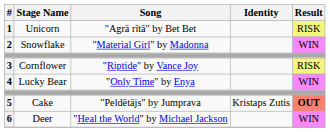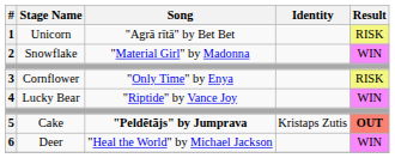 <table class="wikitable plainrowheaders" style="text-align: center;">
 <tr>
 <th>#</th>
 <th>Stage Name</th>
 <th>Song</th>
 <th>Identity</th>
 <th>Result</th>
 </tr>
 <tr>
 <th>1</th>
 <td>Unicorn</td>
 <td>"Agrā rītā" by Bet Bet</td>
 <td></td>
 <td bgcolor="#F3F781">RISK</td>
 </tr>
 <tr>
 <th>2</th>
 <td>Snowflake</td>
 <td>"<a href='#'>Material Girl</a>" by <a href='#'>Madonna</a></td>
 <td></td>
 <td bgcolor="#F888FD">WIN</td>
 </tr>
 <tr>
 <td colspan="5" style="background:darkgray"></td>
 </tr>
 <tr>
 <th>3</th>
 <td>Cornflower</td>
-<td>"<a href='#'>Riptide</a>" by <a href='#'>Vance Joy</a></td>
+<td>"<a href='#'>Only Time</a>" by <a href='#'>Enya</a></td>
 <td></td>
 <td bgcolor="#F3F781">RISK</td>
 </tr>
 <tr>
 <th>4</th>
 <td>Lucky Bear</td>
-<td>"<a href='#'>Only Time</a>" by <a href='#'>Enya</a></td>
+<td>"<a href='#'>Riptide</a>" by <a href='#'>Vance Joy</a></td>
 <td></td>
 <td bgcolor="#F888FD">WIN</td>
 </tr>
 <tr>
 <td colspan="5" style="background:darkgray"></td>
 </tr>
 <tr>
 <th>5</th>
 <td>Cake</td>
-<td>"Peldētājs" by Jumprava</td>
+<td><strong>"Peldētājs" by Jumprava</strong></td>
 <td>Kristaps Zutis</td>
 <td bgcolor="salmon"><strong>OUT</strong></td>
 </tr>
 <tr>
 <th>6</th>
 <td>Deer</td>
 <td>"<a href='#'>Heal the World</a>" by <a href='#'>Michael Jackson</a></td>
 <td></td>
 <td bgcolor="#F888FD">WIN</td>
 </tr>
 <tr>
 </tr>
 </table>
